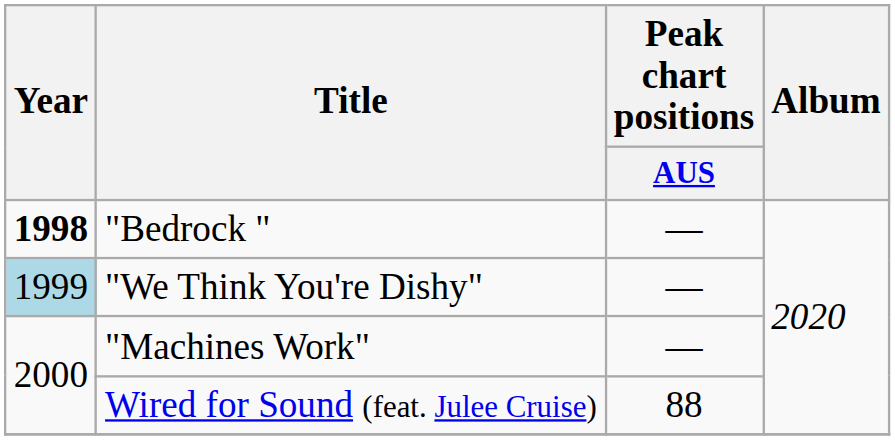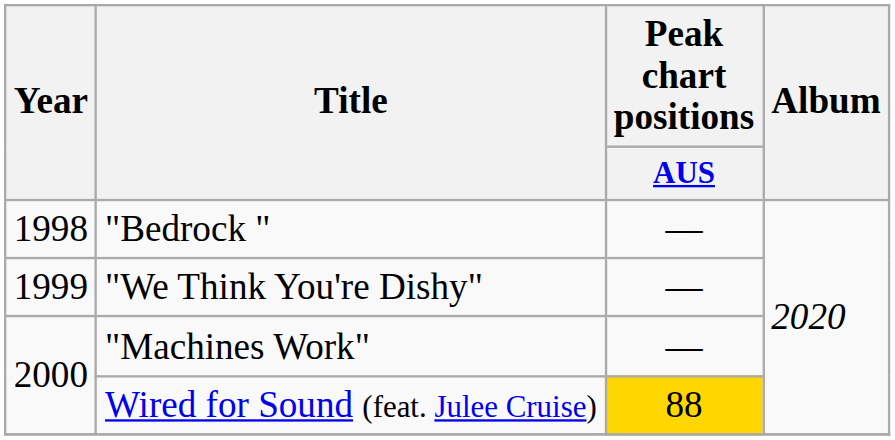 <table class="wikitable" style="text-align:left;">
 <tr>
 <th rowspan="2">Year</th>
 <th rowspan="2">Title</th>
 <th colspan="1">Peak chart positions</th>
 <th rowspan="2">Album</th>
 </tr>
 <tr style="font-size:smaller;">
 <th style="width:40px;"><a href='#'>AUS</a><br></th>
 </tr>
 <tr>
-<td><strong>1998</strong></td>
+<td>1998</td>
 <td>"Bedrock "</td>
 <td style="text-align:center;">—</td>
 <td rowspan="4"><em>2020</em></td>
 </tr>
 <tr>
-<td style="background: lightblue;">1999</td>
+<td>1999</td>
 <td>"We Think You're Dishy"</td>
 <td style="text-align:center;">—</td>
 </tr>
 <tr>
 <td rowspan="2">2000</td>
 <td>"Machines Work"</td>
 <td style="text-align:center;">—</td>
 </tr>
 <tr>
 <td><a href='#'>Wired for Sound</a> <small>(feat. <a href='#'>Julee Cruise</a>)</small></td>
-<td style="text-align:center;">88</td>
+<td style="background: gold; text-align:center;">88</td>
 </tr>
 <tr>
 </tr>
 </table>
